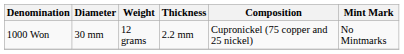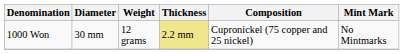 <table class="wikitable sortable">
 <tr>
 <th>Denomination</th>
 <th>Diameter</th>
 <th>Weight</th>
 <th>Thickness</th>
 <th>Composition</th>
 <th>Mint Mark</th>
 </tr>
 <tr>
 <td>1000 Won</td>
 <td>30 mm</td>
 <td>12 grams</td>
-<td>2.2 mm</td>
+<td style="background: khaki;">2.2 mm</td>
 <td>Cupronickel (75 copper and 25 nickel)</td>
 <td>No Mintmarks</td>
 </tr>
 <tr>
 </tr>
 </table>
